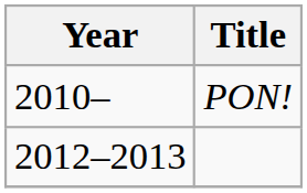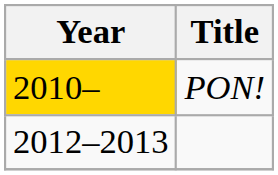 <table class="wikitable">
 <tr>
 <th>Year</th>
 <th>Title</th>
 </tr>
 <tr>
-<td>2010–</td>
+<td style="background: gold;">2010–</td>
 <td><em>PON!</em></td>
 </tr>
 <tr>
 <td>2012–2013</td>
 <td></td>
 </tr>
 <tr>
 </tr>
 </table>
